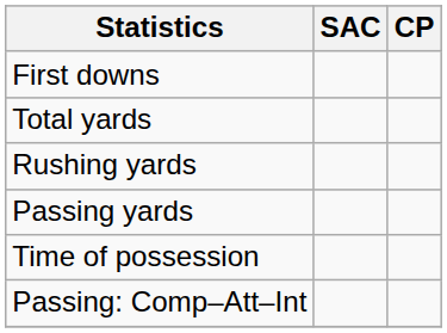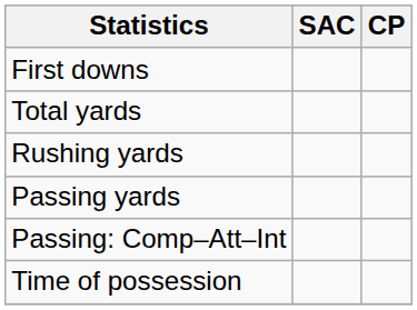 <table class="wikitable" style="float: left;">
 <tr>
 <th>Statistics</th>
 <th>SAC</th>
 <th>CP</th>
 </tr>
 <tr>
 <td>First downs</td>
 <td></td>
 <td></td>
 </tr>
 <tr>
 <td>Total yards</td>
 <td></td>
 <td></td>
 </tr>
 <tr>
 <td>Rushing yards</td>
 <td></td>
 <td></td>
 </tr>
 <tr>
 <td>Passing yards</td>
 <td></td>
 <td></td>
 </tr>
 <tr>
-<td>Time of possession</td>
+<td>Passing: Comp–Att–Int</td>
 <td></td>
 <td></td>
 </tr>
 <tr>
-<td>Passing: Comp–Att–Int</td>
+<td>Time of possession</td>
 <td></td>
 <td></td>
 </tr>
 <tr>
 </tr>
 </table>
